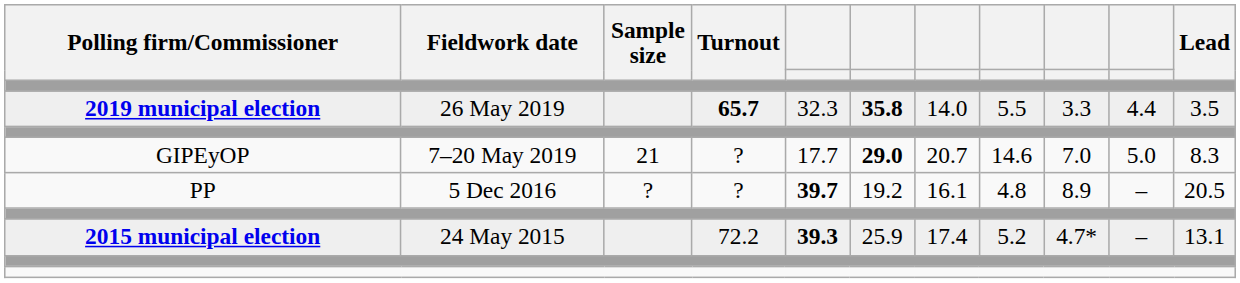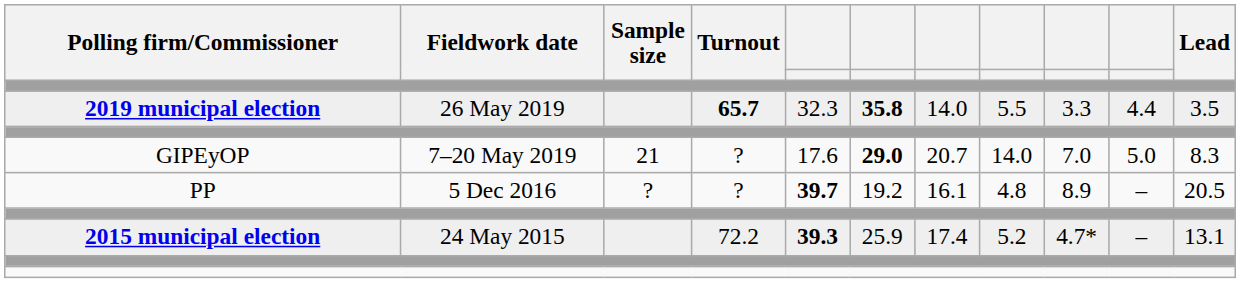 <table class="wikitable collapsible collapsed" style="text-align:center; font-size:95%; line-height:16px;">
 <tr style="height:42px;">
 <th style="width:250px;" rowspan="2">Polling firm/Commissioner</th>
 <th style="width:125px;" rowspan="2">Fieldwork date</th>
 <th style="width:50px;" rowspan="2">Sample size</th>
 <th style="width:45px;" rowspan="2">Turnout</th>
 <th style="width:35px;"></th>
 <th style="width:35px;"></th>
 <th style="width:35px;"></th>
 <th style="width:35px;"></th>
 <th style="width:35px;"></th>
 <th style="width:35px;"></th>
 <th style="width:30px;" rowspan="2">Lead</th>
 </tr>
 <tr>
 <th style="color:inherit;background:"></th>
 <th style="color:inherit;background:"></th>
 <th style="color:inherit;background:"></th>
 <th style="color:inherit;background:"></th>
 <th style="color:inherit;background:"></th>
 <th style="color:inherit;background:"></th>
 </tr>
 <tr>
 <td colspan="11" style="background:#A0A0A0"></td>
 </tr>
 <tr style="background:#EFEFEF;">
 <td><strong><a href='#'>2019 municipal election</a></strong></td>
 <td>26 May 2019</td>
 <td></td>
 <td><strong>65.7</strong></td>
 <td>32.3<br></td>
 <td><strong>35.8</strong><br></td>
 <td>14.0<br></td>
 <td>5.5<br></td>
 <td>3.3<br></td>
 <td>4.4<br></td>
 <td style="background:">3.5</td>
 </tr>
 <tr>
 <td colspan="11" style="background:#A0A0A0"></td>
 </tr>
 <tr>
 <td>GIPEyOP</td>
 <td>7–20 May 2019</td>
 <td>21</td>
 <td>?</td>
-<td>17.7<br></td>
+<td>17.6<br></td>
 <td><strong>29.0</strong><br></td>
 <td>20.7<br></td>
-<td>14.6<br></td>
+<td>14.0<br></td>
 <td>7.0<br></td>
 <td>5.0<br></td>
 <td style="background:">8.3</td>
 </tr>
 <tr>
 <td>PP</td>
 <td>5 Dec 2016</td>
 <td>?</td>
 <td>?</td>
 <td><strong>39.7</strong><br></td>
 <td>19.2<br></td>
 <td>16.1<br></td>
 <td>4.8<br></td>
 <td>8.9<br></td>
 <td>–</td>
 <td style="background:">20.5</td>
 </tr>
 <tr>
 <td colspan="11" style="background:#A0A0A0"></td>
 </tr>
 <tr style="background:#EFEFEF;">
 <td><strong><a href='#'>2015 municipal election</a></strong></td>
 <td>24 May 2015</td>
 <td></td>
 <td>72.2</td>
 <td><strong>39.3</strong><br></td>
 <td>25.9<br></td>
 <td>17.4<br></td>
 <td>5.2<br></td>
 <td>4.7*<br></td>
 <td>–</td>
 <td style="background:">13.1</td>
 </tr>
 <tr>
 <td colspan="11" style="background:#A0A0A0"></td>
 </tr>
 <tr>
 <td align="left" colspan="11"></td>
 </tr>
 </table>
